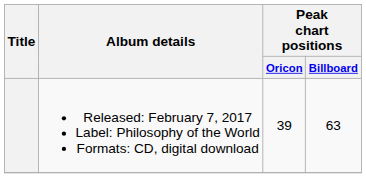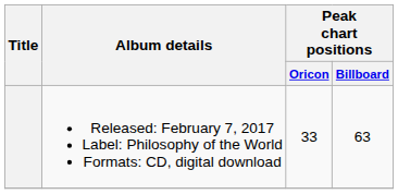 <table class="wikitable plainrowheaders" style="text-align:center;">
 <tr>
 <th scope="col" rowspan="2">Title</th>
 <th scope="col" rowspan="2">Album details</th>
 <th scope="col" colspan="2">Peak <br> chart <br> positions</th>
 </tr>
 <tr>
 <th scope="col"><small><a href='#'>Oricon</a></small><br></th>
 <th scope="col" colspan="1"><small><a href='#'>Billboard</a></small><br></th>
 </tr>
 <tr>
 <th scope="row"></th>
 <td><br><ul><li>Released: February 7, 2017</li><li>Label: Philosophy of the World</li><li>Formats: CD, digital download</li></ul></td>
-<td>39</td>
+<td>33</td>
 <td>63</td>
 </tr>
 <tr>
 </tr>
 </table>
